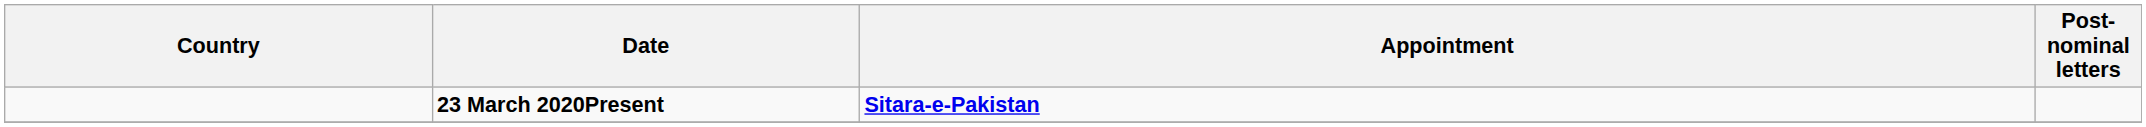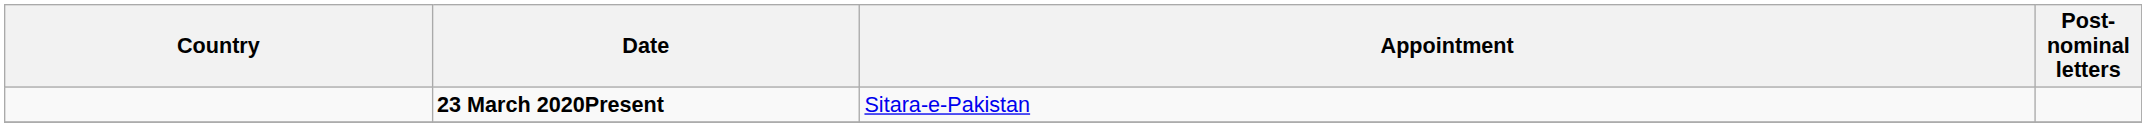 <table class="wikitable" style="width:100%;">
 <tr>
 <th style="width:20%;">Country</th>
 <th style="width:20%;">Date</th>
 <th style="width:55%;">Appointment</th>
 <th style="width:5%;">Post-nominal letters</th>
 </tr>
 <tr>
 <td></td>
 <td><strong>23 March 2020Present</strong></td>
-<td><strong><a href='#'>Sitara-e-Pakistan</a></strong></td>
+<td><a href='#'>Sitara-e-Pakistan</a></td>
 <td></td>
 </tr>
 <tr>
 </tr>
 </table>
